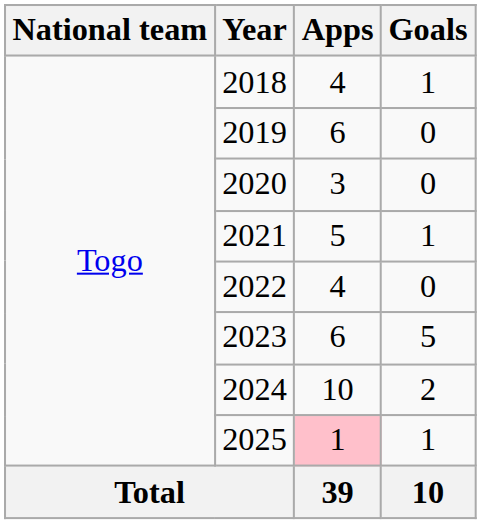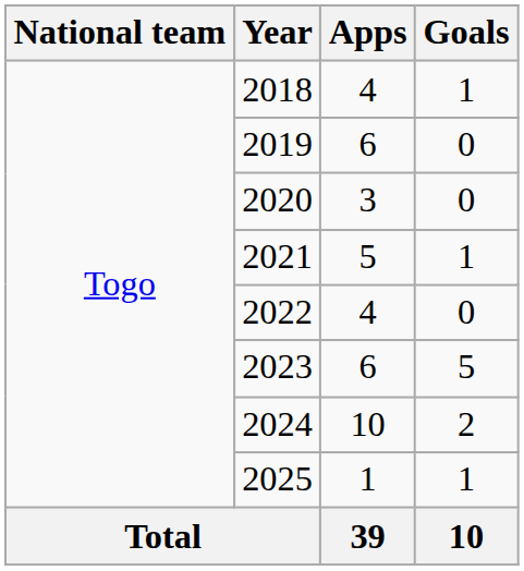 <table class="wikitable" style="text-align:center">
 <tr>
 <th>National team</th>
 <th>Year</th>
 <th>Apps</th>
 <th>Goals</th>
 </tr>
 <tr>
 <td rowspan="8"><a href='#'>Togo</a></td>
 <td>2018</td>
 <td>4</td>
 <td>1</td>
 </tr>
 <tr>
 <td>2019</td>
 <td>6</td>
 <td>0</td>
 </tr>
 <tr>
 <td>2020</td>
 <td>3</td>
 <td>0</td>
 </tr>
 <tr>
 <td>2021</td>
 <td>5</td>
 <td>1</td>
 </tr>
 <tr>
 <td>2022</td>
 <td>4</td>
 <td>0</td>
 </tr>
 <tr>
 <td>2023</td>
 <td>6</td>
 <td>5</td>
 </tr>
 <tr>
 <td>2024</td>
 <td>10</td>
 <td>2</td>
 </tr>
 <tr>
 <td>2025</td>
-<td style="background: pink;">1</td>
+<td>1</td>
 <td>1</td>
 </tr>
 <tr>
 <th colspan="2">Total</th>
 <th>39</th>
 <th>10</th>
 </tr>
 </table>
